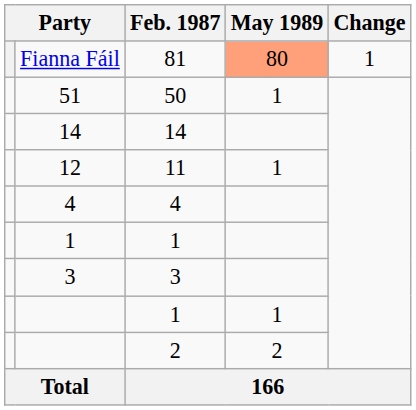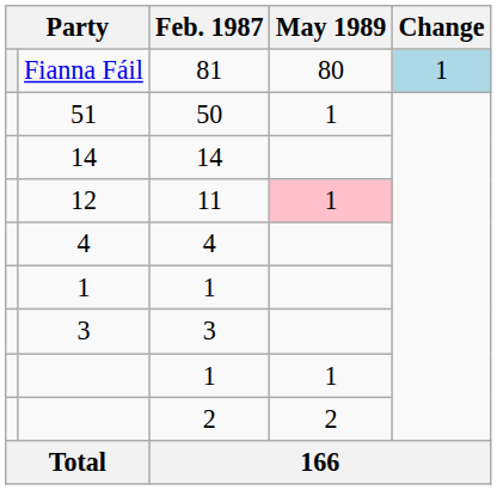 <table class="wikitable sortable" style="font-size: 95%;">
 <tr>
 <th colspan=2>Party</th>
 <th>Feb. 1987</th>
 <th>May 1989</th>
 <th class="unsortable">Change</th>
 </tr>
 <tr>
 <th style="background-color: "></th>
 <td><a href='#'>Fianna Fáil</a></td>
 <td align="center">81</td>
-<td align="center" style="background: lightsalmon;">80</td>
-<td align="center"> 1</td>
+<td align="center">80</td>
+<td align="center" style="background: lightblue;"> 1</td>
 </tr>
 <tr>
 <td></td>
 <td align="center">51</td>
 <td align="center">50</td>
 <td align="center"> 1</td>
 </tr>
 <tr>
 <td></td>
 <td align="center">14</td>
 <td align="center">14</td>
 <td align="center"></td>
 </tr>
 <tr>
 <td></td>
 <td align="center">12</td>
 <td align="center">11</td>
-<td align="center"> 1</td>
+<td align="center" style="background: pink;"> 1</td>
 </tr>
 <tr>
 <td></td>
 <td align="center">4</td>
 <td align="center">4</td>
 <td align="center"></td>
 </tr>
 <tr>
 <td></td>
 <td align="center">1</td>
 <td align="center">1</td>
 <td align="center"></td>
 </tr>
 <tr>
 <td></td>
 <td align="center">3</td>
 <td align="center">3</td>
 <td align="center"></td>
 </tr>
 <tr>
 <td></td>
 <td></td>
 <td align="center">1</td>
 <td align="center"> 1</td>
 </tr>
 <tr>
 <td></td>
 <td></td>
 <td align="center">2</td>
 <td align="center"> 2</td>
 </tr>
 <tr>
 <th colspan="2">Total</th>
 <th colspan="3" align="center">166</th>
 </tr>
 </table>
